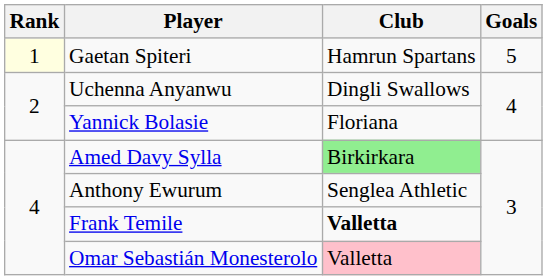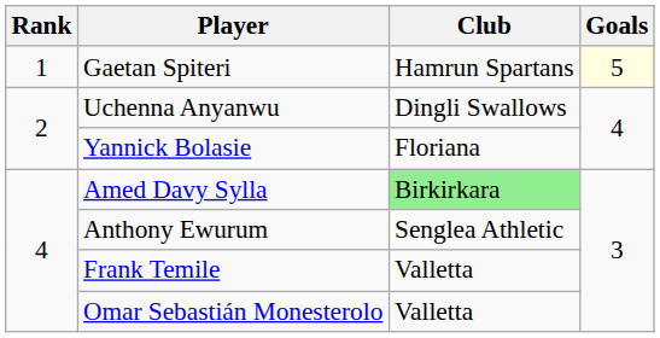 <table class="wikitable" style="text-align:center">
 <tr>
 <th>Rank</th>
 <th>Player</th>
 <th>Club</th>
 <th>Goals</th>
 </tr>
 <tr>
-<td style="background: lightyellow;">1</td>
+<td>1</td>
 <td align="left"> Gaetan Spiteri</td>
 <td align="left">Hamrun Spartans</td>
-<td>5</td>
+<td style="background: lightyellow;">5</td>
 </tr>
 <tr>
 <td rowspan="2">2</td>
 <td align="left"> Uchenna Anyanwu</td>
 <td align="left">Dingli Swallows</td>
 <td rowspan="2">4</td>
 </tr>
 <tr>
 <td align="left"> <a href='#'>Yannick Bolasie</a></td>
 <td align="left">Floriana</td>
 </tr>
 <tr>
 <td rowspan="4">4</td>
 <td align="left"> <a href='#'>Amed Davy Sylla</a></td>
 <td align="left" style="background: lightgreen;">Birkirkara</td>
 <td rowspan="4">3</td>
 </tr>
 <tr>
 <td align="left"> Anthony Ewurum</td>
 <td align="left">Senglea Athletic</td>
 </tr>
 <tr>
 <td align="left"> <a href='#'>Frank Temile</a></td>
-<td align="left"><strong>Valletta</strong></td>
+<td align="left">Valletta</td>
 </tr>
 <tr>
 <td align="left"> <a href='#'>Omar Sebastián Monesterolo</a></td>
-<td align="left" style="background: pink;">Valletta</td>
+<td align="left">Valletta</td>
 </tr>
 </table>
